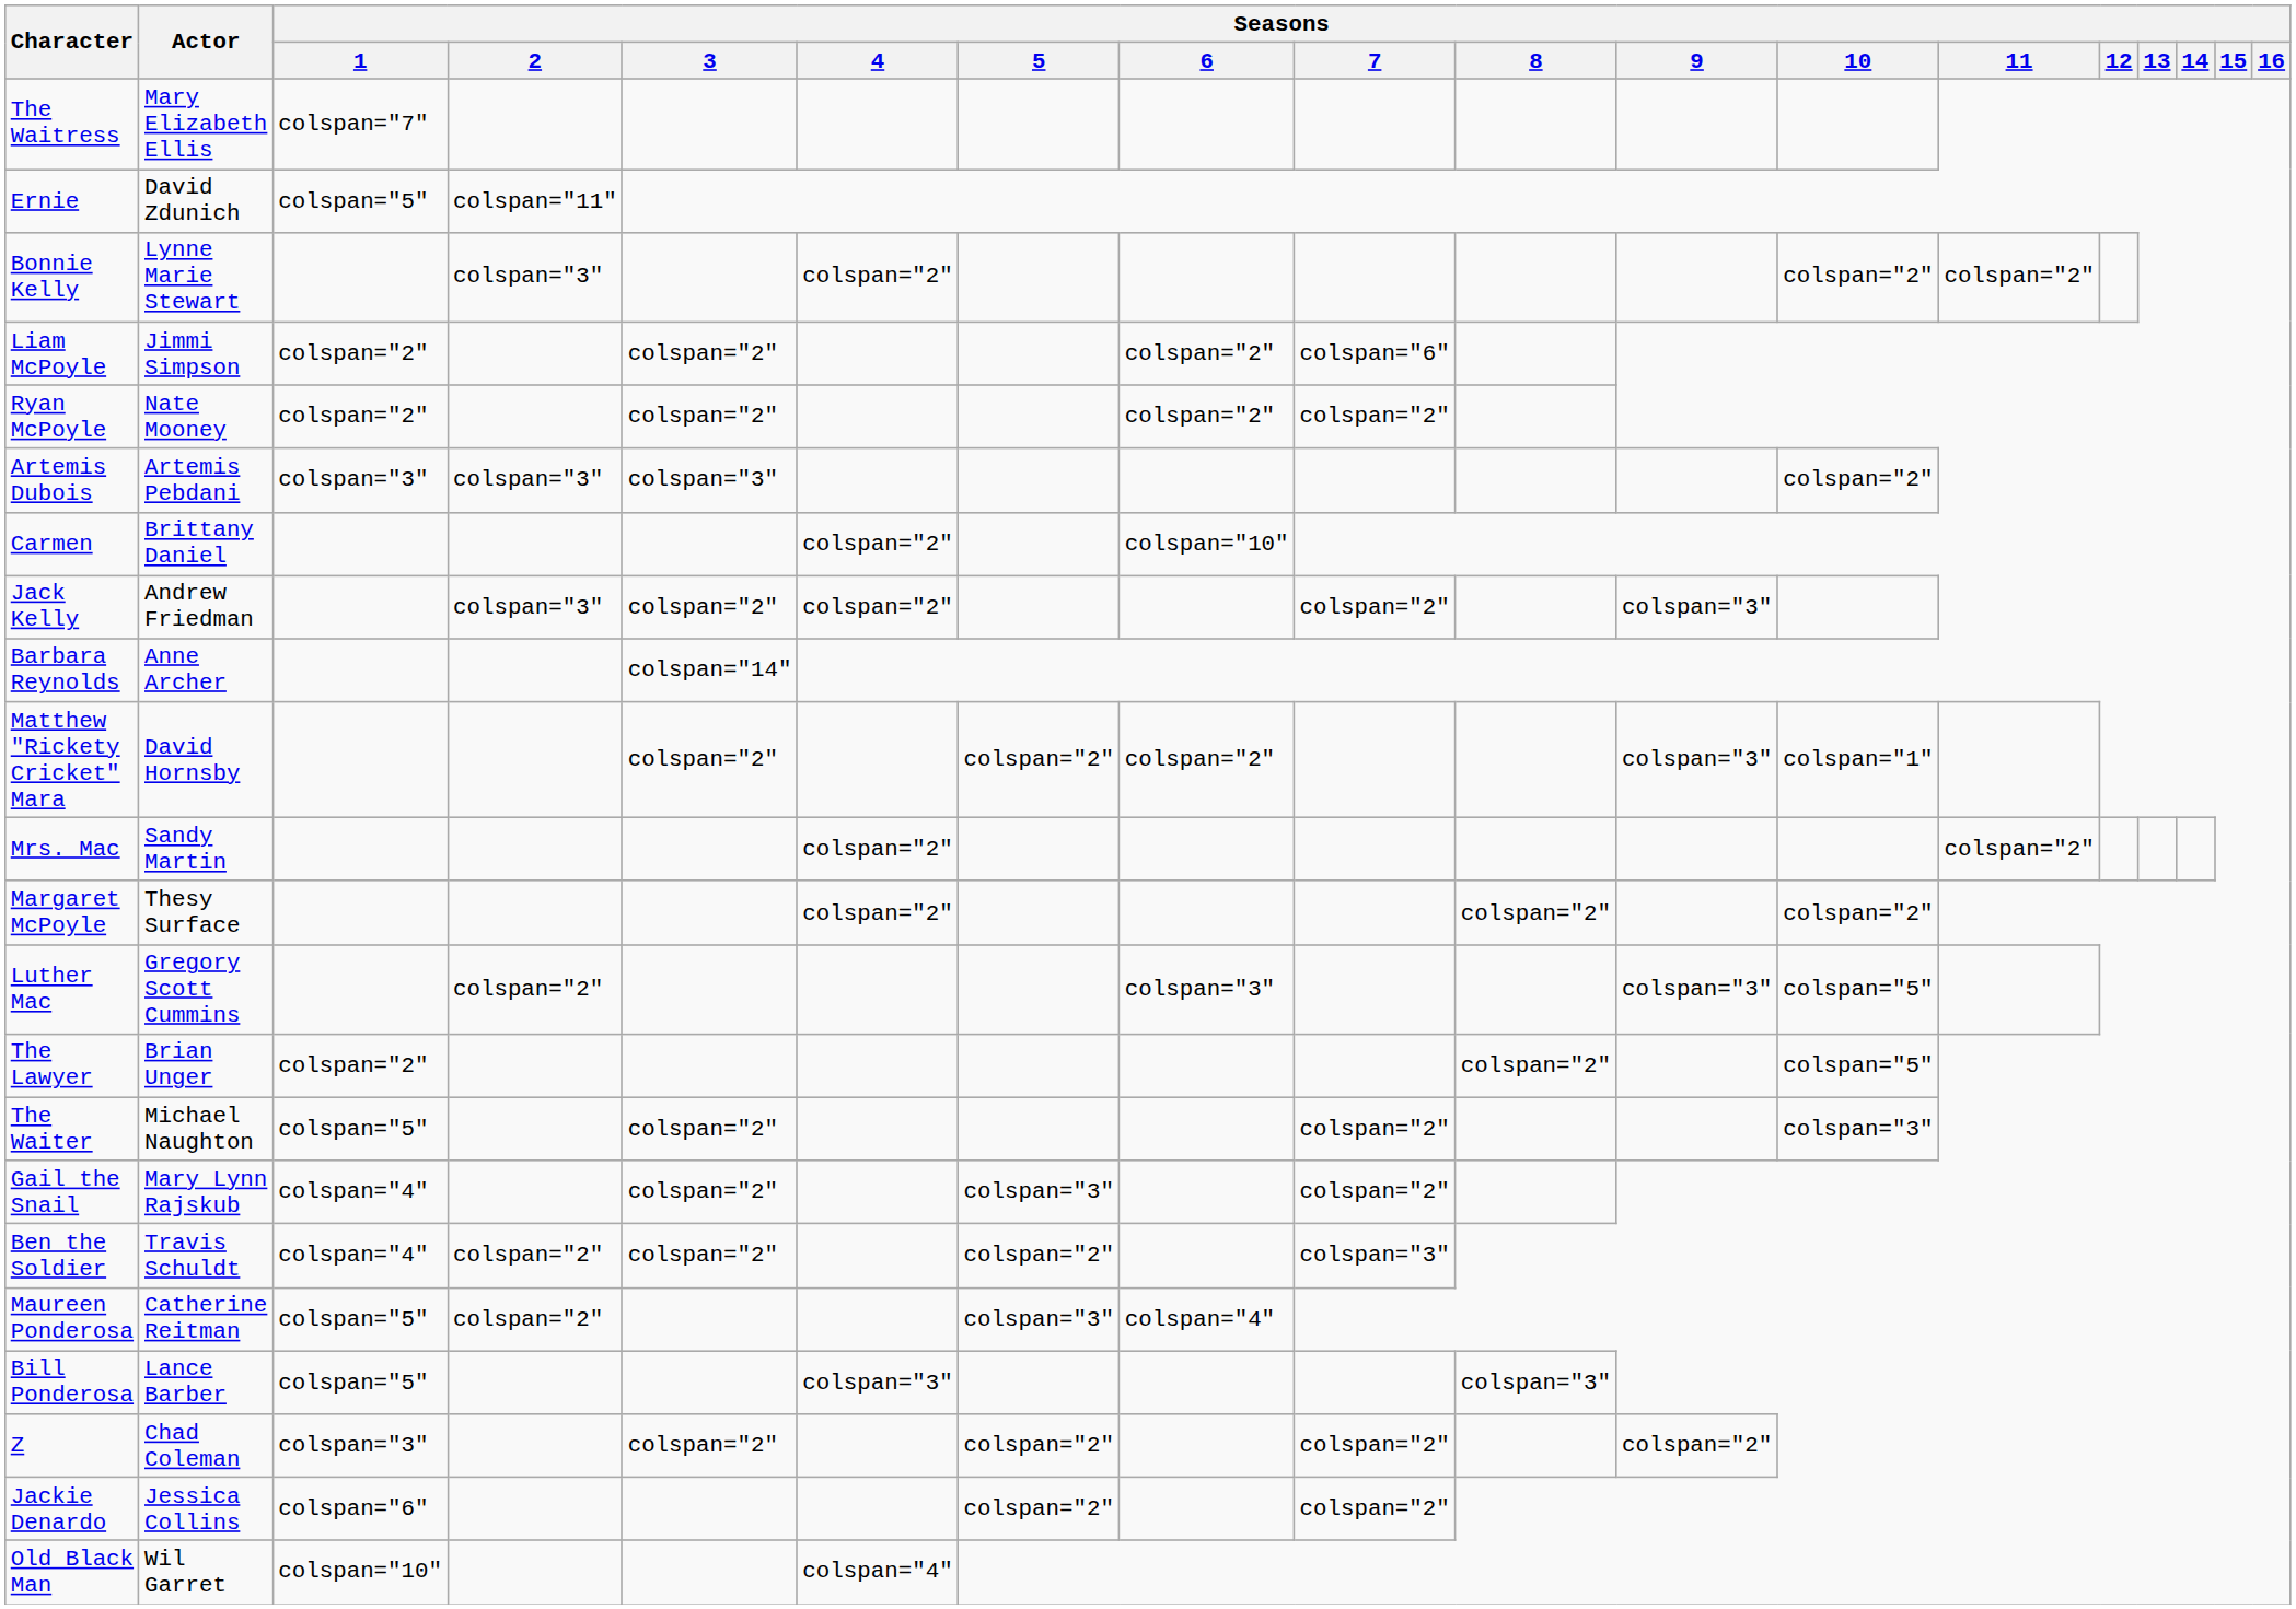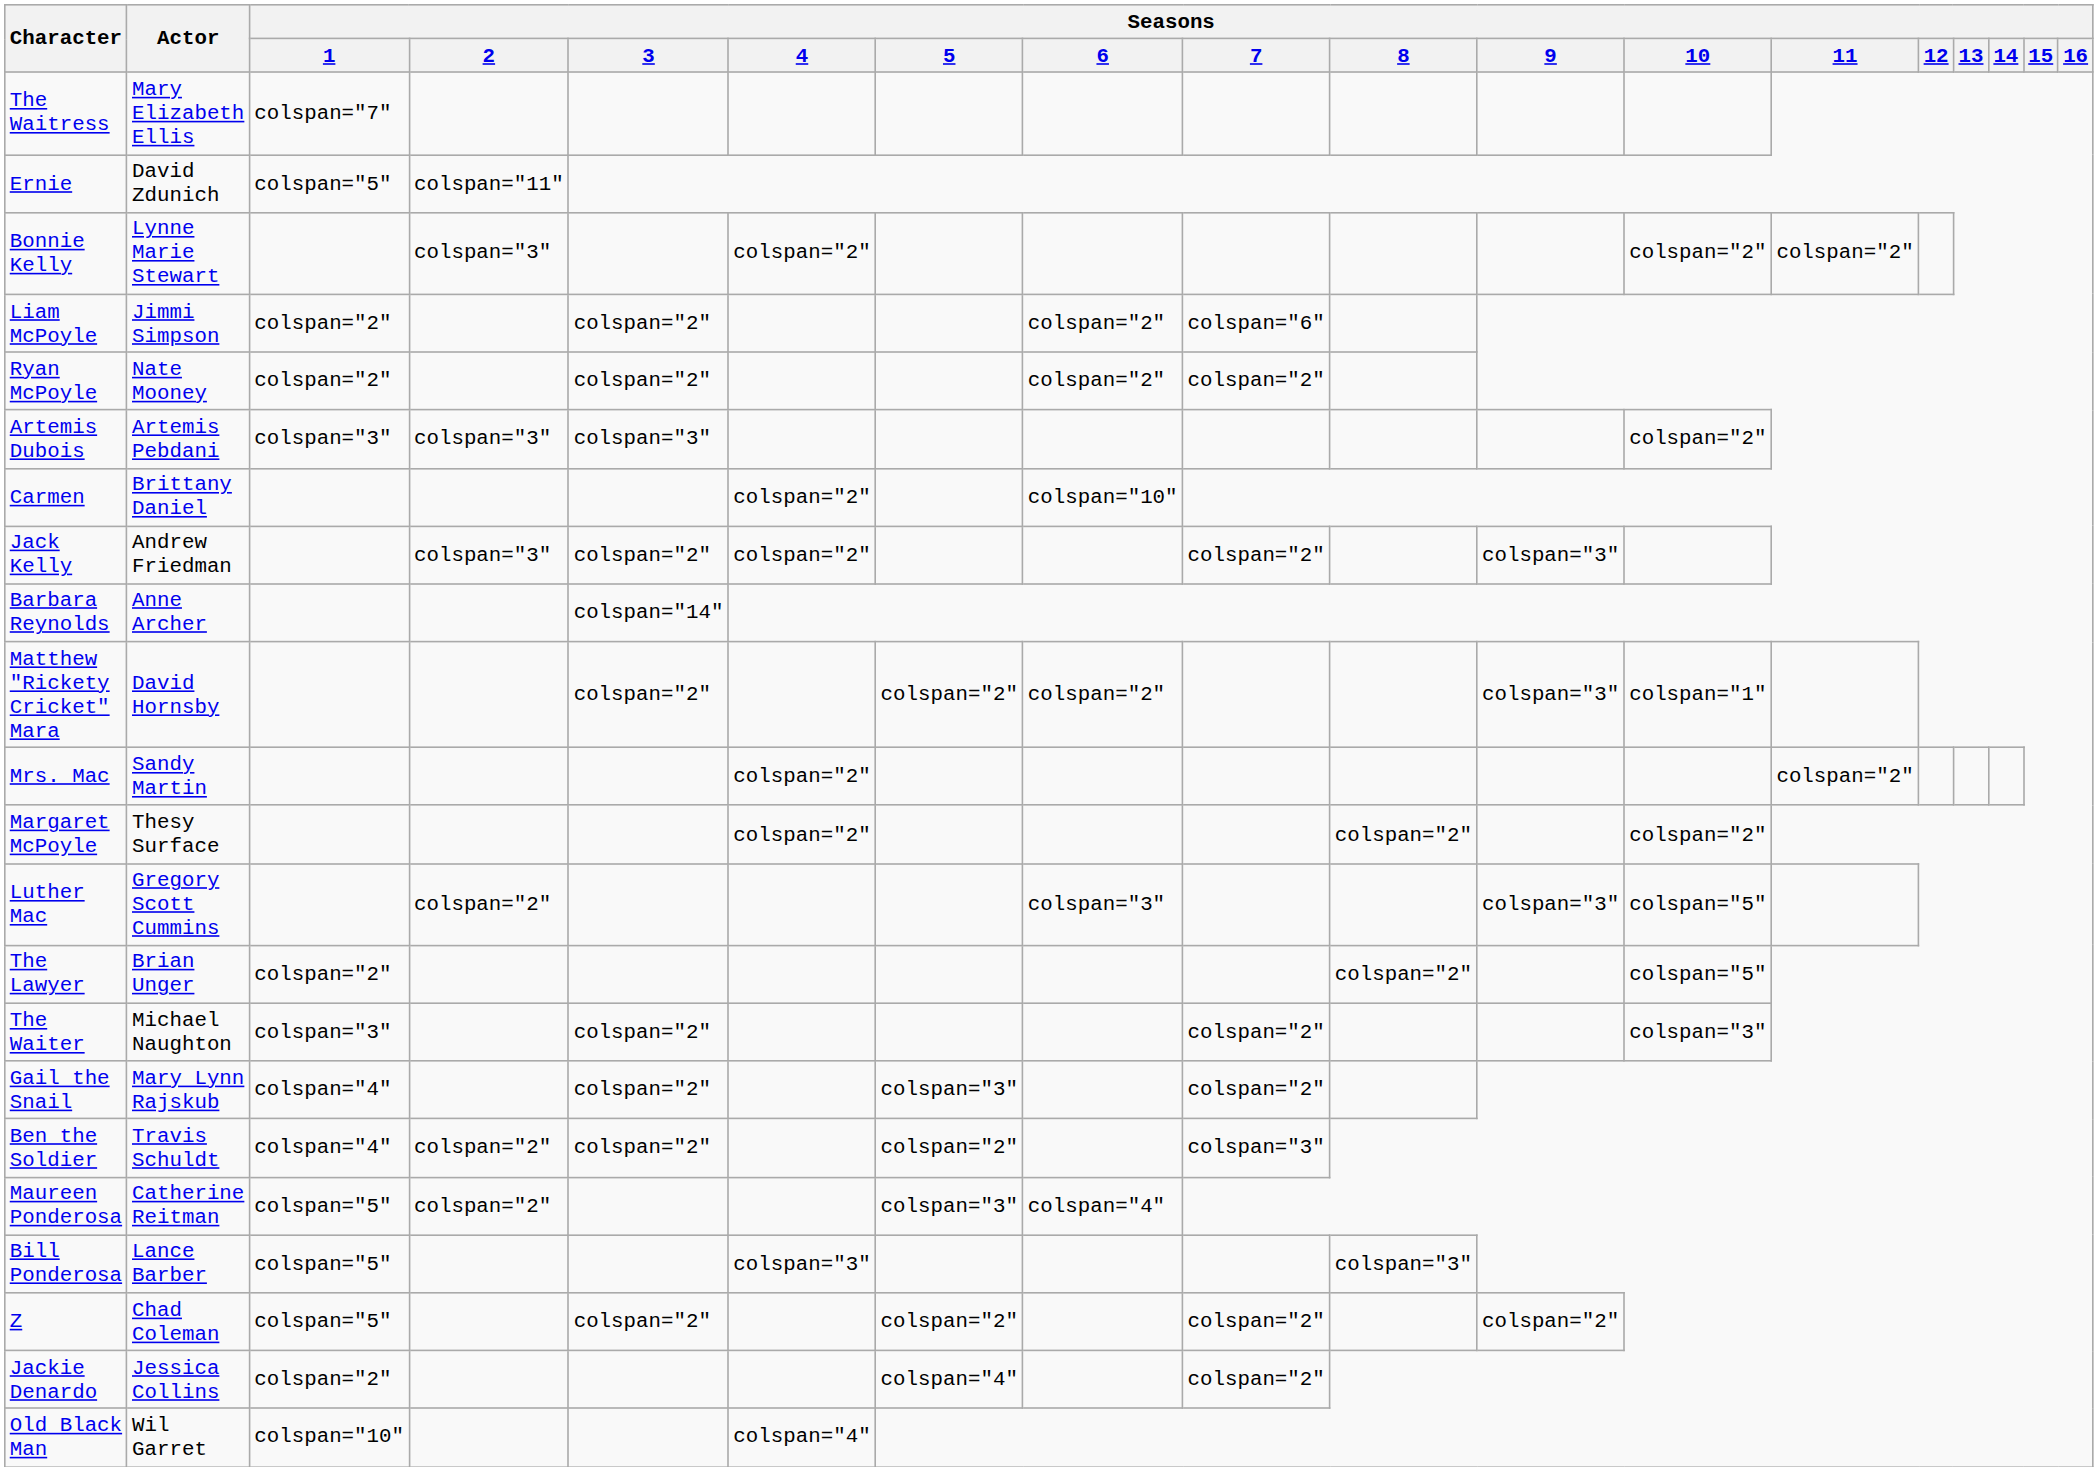 <table class="wikitable">
 <tr>
 <th rowspan="2">Character</th>
 <th rowspan="2">Actor</th>
 <th colspan="16">Seasons</th>
 </tr>
 <tr>
 <th style="width:3%;"><a href='#'>1</a></th>
 <th style="width:3%;"><a href='#'>2</a></th>
 <th style="width:3%;"><a href='#'>3</a></th>
 <th style="width:3%;"><a href='#'>4</a></th>
 <th style="width:3%;"><a href='#'>5</a></th>
 <th style="width:3%;"><a href='#'>6</a></th>
 <th style="width:3%;"><a href='#'>7</a></th>
 <th style="width:3%;"><a href='#'>8</a></th>
 <th style="width:3%;"><a href='#'>9</a></th>
 <th style="width:3%;"><a href='#'>10</a></th>
 <th style="width:3%;"><a href='#'>11</a></th>
 <th style="width:3%;"><a href='#'>12</a></th>
 <th style="width:3%;"><a href='#'>13</a></th>
 <th style="width:3%;"><a href='#'>14</a></th>
 <th style="width:3%;"><a href='#'>15</a></th>
 <th style="width:3%;"><a href='#'>16</a></th>
 </tr>
 <tr>
 <td><a href='#'>The Waitress</a></td>
 <td><a href='#'>Mary Elizabeth Ellis</a></td>
 <td>colspan="7" </td>
 <td></td>
 <td></td>
 <td></td>
 <td></td>
 <td></td>
 <td></td>
 <td></td>
 <td></td>
 <td></td>
 </tr>
 <tr>
 <td><a href='#'>Ernie</a></td>
 <td>David Zdunich</td>
 <td>colspan="5" </td>
 <td>colspan="11" </td>
 </tr>
 <tr>
 <td><a href='#'>Bonnie Kelly</a></td>
 <td><a href='#'>Lynne Marie Stewart</a></td>
 <td></td>
 <td>colspan="3" </td>
 <td></td>
 <td>colspan="2" </td>
 <td></td>
 <td></td>
 <td></td>
 <td></td>
 <td></td>
 <td>colspan="2" </td>
 <td>colspan="2" </td>
 <td></td>
 </tr>
 <tr>
 <td><a href='#'>Liam McPoyle</a></td>
 <td><a href='#'>Jimmi Simpson</a></td>
 <td>colspan="2" </td>
 <td></td>
 <td>colspan="2" </td>
 <td></td>
 <td></td>
 <td>colspan="2" </td>
 <td>colspan="6" </td>
 <td></td>
 </tr>
 <tr>
 <td><a href='#'>Ryan McPoyle</a></td>
 <td><a href='#'>Nate Mooney</a></td>
 <td>colspan="2" </td>
 <td></td>
 <td>colspan="2" </td>
 <td></td>
 <td></td>
 <td>colspan="2" </td>
 <td>colspan="2" </td>
 <td></td>
 </tr>
 <tr>
 <td><a href='#'>Artemis Dubois</a></td>
 <td><a href='#'>Artemis Pebdani</a></td>
 <td>colspan="3" </td>
 <td>colspan="3" </td>
 <td>colspan="3" </td>
 <td></td>
 <td></td>
 <td></td>
 <td></td>
 <td></td>
 <td></td>
 <td>colspan="2" </td>
 </tr>
 <tr>
 <td><a href='#'>Carmen</a></td>
 <td><a href='#'>Brittany Daniel</a></td>
 <td></td>
 <td></td>
 <td></td>
 <td>colspan="2" </td>
 <td></td>
 <td>colspan="10" </td>
 </tr>
 <tr>
 <td><a href='#'>Jack Kelly</a></td>
 <td>Andrew Friedman</td>
 <td></td>
 <td>colspan="3" </td>
 <td>colspan="2" </td>
 <td>colspan="2" </td>
 <td></td>
 <td></td>
 <td>colspan="2" </td>
 <td></td>
 <td>colspan="3" </td>
 <td></td>
 </tr>
 <tr>
 <td><a href='#'>Barbara Reynolds</a></td>
 <td><a href='#'>Anne Archer</a></td>
 <td></td>
 <td></td>
 <td>colspan="14" </td>
 </tr>
 <tr>
 <td><a href='#'>Matthew "Rickety Cricket" Mara</a></td>
 <td><a href='#'>David Hornsby</a></td>
 <td></td>
 <td></td>
 <td>colspan="2" </td>
 <td></td>
 <td>colspan="2" </td>
 <td>colspan="2" </td>
 <td></td>
 <td></td>
 <td>colspan="3" </td>
 <td>colspan="1" </td>
 <td></td>
 </tr>
 <tr>
 <td><a href='#'>Mrs. Mac</a></td>
 <td><a href='#'>Sandy Martin</a></td>
 <td></td>
 <td></td>
 <td></td>
 <td>colspan="2" </td>
 <td></td>
 <td></td>
 <td></td>
 <td></td>
 <td></td>
 <td></td>
 <td>colspan="2" </td>
 <td></td>
 <td></td>
 <td></td>
 </tr>
 <tr>
 <td><a href='#'>Margaret McPoyle</a></td>
 <td>Thesy Surface</td>
 <td></td>
 <td></td>
 <td></td>
 <td>colspan="2" </td>
 <td></td>
 <td></td>
 <td></td>
 <td>colspan="2" </td>
 <td></td>
 <td>colspan="2" </td>
 </tr>
 <tr>
 <td><a href='#'>Luther Mac</a></td>
 <td><a href='#'>Gregory Scott Cummins</a></td>
 <td></td>
 <td>colspan="2" </td>
 <td></td>
 <td></td>
 <td></td>
 <td>colspan="3" </td>
 <td></td>
 <td></td>
 <td>colspan="3" </td>
 <td>colspan="5" </td>
 <td></td>
 </tr>
 <tr>
 <td><a href='#'>The Lawyer</a></td>
 <td><a href='#'>Brian Unger</a></td>
 <td>colspan="2" </td>
 <td></td>
 <td></td>
 <td></td>
 <td></td>
 <td></td>
 <td></td>
 <td>colspan="2" </td>
 <td></td>
 <td>colspan="5" </td>
 </tr>
 <tr>
 <td><a href='#'>The Waiter</a></td>
 <td>Michael Naughton</td>
-<td>colspan="5" </td>
+<td>colspan="3" </td>
 <td></td>
 <td>colspan="2" </td>
 <td></td>
 <td></td>
 <td></td>
 <td>colspan="2" </td>
 <td></td>
 <td></td>
 <td>colspan="3" </td>
 </tr>
 <tr>
 <td><a href='#'>Gail the Snail</a></td>
 <td><a href='#'>Mary Lynn Rajskub</a></td>
 <td>colspan="4" </td>
 <td></td>
 <td>colspan="2" </td>
 <td></td>
 <td>colspan="3" </td>
 <td></td>
 <td>colspan="2" </td>
 <td></td>
 </tr>
 <tr>
 <td><a href='#'>Ben the Soldier</a></td>
 <td><a href='#'>Travis Schuldt</a></td>
 <td>colspan="4" </td>
 <td>colspan="2" </td>
 <td>colspan="2" </td>
 <td></td>
 <td>colspan="2" </td>
 <td></td>
 <td>colspan="3" </td>
 </tr>
 <tr>
 <td><a href='#'>Maureen Ponderosa</a></td>
 <td><a href='#'>Catherine Reitman</a></td>
 <td>colspan="5" </td>
 <td>colspan="2" </td>
 <td></td>
 <td></td>
 <td>colspan="3" </td>
 <td>colspan="4" </td>
 </tr>
 <tr>
 <td><a href='#'>Bill Ponderosa</a></td>
 <td><a href='#'>Lance Barber</a></td>
 <td>colspan="5" </td>
 <td></td>
 <td></td>
 <td>colspan="3" </td>
 <td></td>
 <td></td>
 <td></td>
 <td>colspan="3" </td>
 </tr>
 <tr>
 <td><a href='#'>Z</a></td>
 <td><a href='#'>Chad Coleman</a></td>
-<td>colspan="3" </td>
+<td>colspan="5" </td>
 <td></td>
 <td>colspan="2" </td>
 <td></td>
 <td>colspan="2" </td>
 <td></td>
 <td>colspan="2" </td>
 <td></td>
 <td>colspan="2" </td>
 </tr>
 <tr>
 <td><a href='#'>Jackie Denardo</a></td>
 <td><a href='#'>Jessica Collins</a></td>
-<td>colspan="6" </td>
+<td>colspan="2" </td>
 <td></td>
 <td></td>
 <td></td>
-<td>colspan="2" </td>
+<td>colspan="4" </td>
 <td></td>
 <td>colspan="2" </td>
 </tr>
 <tr>
 <td><a href='#'>Old Black Man</a></td>
 <td>Wil Garret</td>
 <td>colspan="10" </td>
 <td></td>
 <td></td>
 <td>colspan="4" </td>
 </tr>
 </table>
